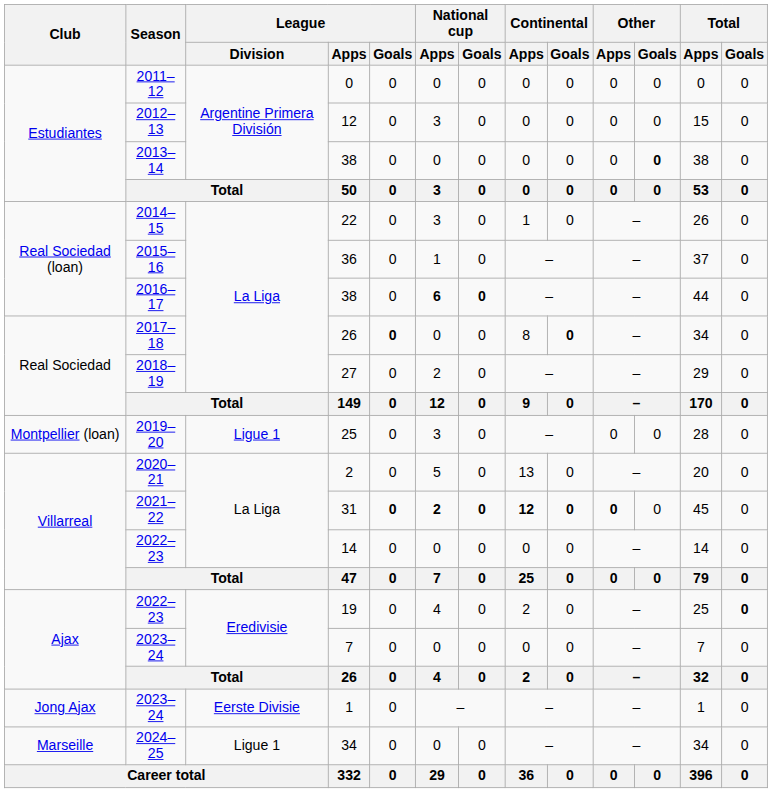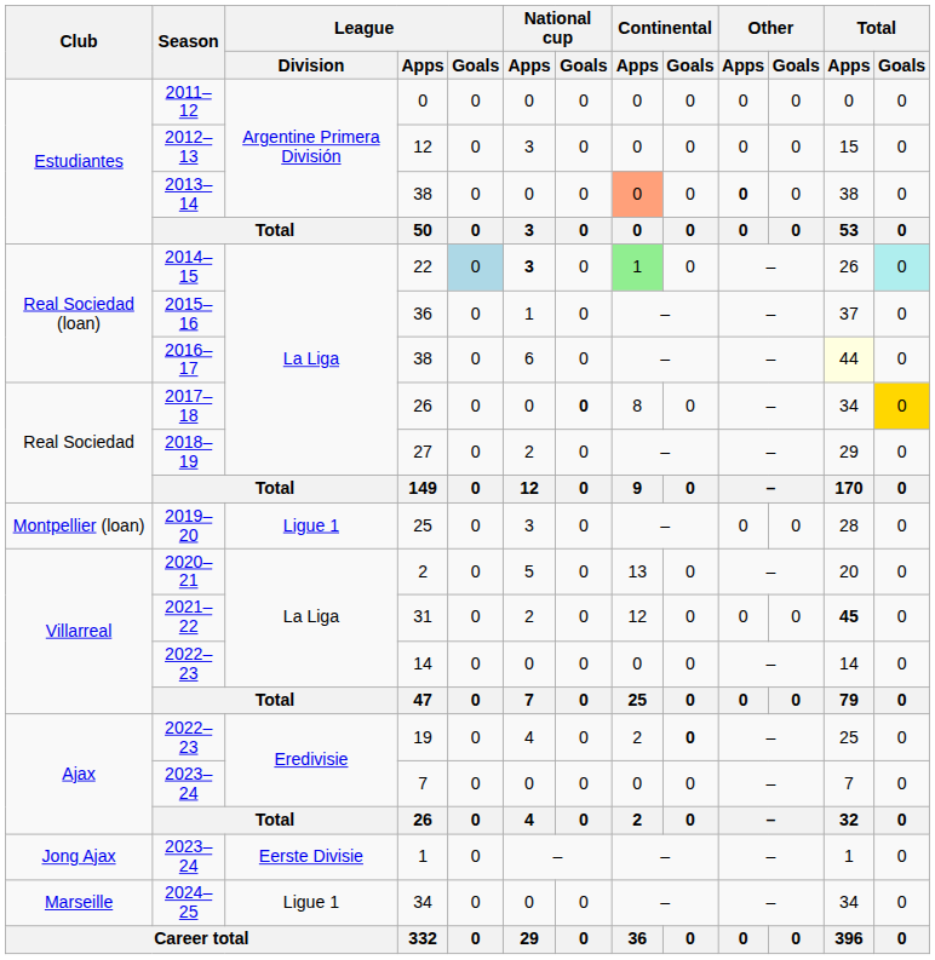 <table class="wikitable" style="text-align:center">
 <tr>
 <th rowspan="2">Club</th>
 <th rowspan="2">Season</th>
 <th colspan="3">League</th>
 <th colspan="2">National cup</th>
 <th colspan="2">Continental</th>
 <th colspan="2">Other</th>
 <th colspan="2">Total</th>
 </tr>
 <tr>
 <th>Division</th>
 <th>Apps</th>
 <th>Goals</th>
 <th>Apps</th>
 <th>Goals</th>
 <th>Apps</th>
 <th>Goals</th>
 <th>Apps</th>
 <th>Goals</th>
 <th>Apps</th>
 <th>Goals</th>
 </tr>
 <tr>
 <td rowspan="4"><a href='#'>Estudiantes</a></td>
 <td><a href='#'>2011–12</a></td>
 <td rowspan="3"><a href='#'>Argentine Primera División</a></td>
 <td>0</td>
 <td>0</td>
 <td>0</td>
 <td>0</td>
 <td>0</td>
 <td>0</td>
 <td>0</td>
 <td>0</td>
 <td>0</td>
 <td>0</td>
 </tr>
 <tr>
 <td><a href='#'>2012–13</a></td>
 <td>12</td>
 <td>0</td>
 <td>3</td>
 <td>0</td>
 <td>0</td>
 <td>0</td>
 <td>0</td>
 <td>0</td>
 <td>15</td>
 <td>0</td>
 </tr>
 <tr>
 <td><a href='#'>2013–14</a></td>
 <td>38</td>
 <td>0</td>
 <td>0</td>
 <td>0</td>
-<td>0</td>
-<td>0</td>
+<td style="background: lightsalmon;">0</td>
 <td>0</td>
 <td><strong>0</strong></td>
+<td>0</td>
 <td>38</td>
 <td>0</td>
 </tr>
 <tr>
 <th colspan="2">Total</th>
 <th>50</th>
 <th>0</th>
 <th>3</th>
 <th>0</th>
 <th>0</th>
 <th>0</th>
 <th>0</th>
 <th>0</th>
 <th>53</th>
 <th>0</th>
 </tr>
 <tr>
 <td rowspan="3"><a href='#'>Real Sociedad</a> (loan)</td>
 <td><a href='#'>2014–15</a></td>
 <td rowspan="5"><a href='#'>La Liga</a></td>
 <td>22</td>
+<td style="background: lightblue;">0</td>
+<td><strong>3</strong></td>
 <td>0</td>
-<td>3</td>
-<td>0</td>
-<td>1</td>
+<td style="background: lightgreen;">1</td>
 <td>0</td>
 <td colspan="2">–</td>
 <td>26</td>
-<td>0</td>
+<td style="background: paleturquoise;">0</td>
 </tr>
 <tr>
 <td><a href='#'>2015–16</a></td>
 <td>36</td>
 <td>0</td>
 <td>1</td>
 <td>0</td>
 <td colspan="2">–</td>
 <td colspan="2">–</td>
 <td>37</td>
 <td>0</td>
 </tr>
 <tr>
 <td><a href='#'>2016–17</a></td>
 <td>38</td>
 <td>0</td>
-<td><strong>6</strong></td>
-<td><strong>0</strong></td>
+<td>6</td>
+<td>0</td>
 <td colspan="2">–</td>
 <td colspan="2">–</td>
-<td>44</td>
+<td style="background: lightyellow;">44</td>
 <td>0</td>
 </tr>
 <tr>
 <td rowspan="3">Real Sociedad</td>
 <td><a href='#'>2017–18</a></td>
 <td>26</td>
-<td><strong>0</strong></td>
 <td>0</td>
 <td>0</td>
+<td><strong>0</strong></td>
 <td>8</td>
-<td><strong>0</strong></td>
+<td>0</td>
 <td colspan="2">–</td>
 <td>34</td>
-<td>0</td>
+<td style="background: gold;">0</td>
 </tr>
 <tr>
 <td><a href='#'>2018–19</a></td>
 <td>27</td>
 <td>0</td>
 <td>2</td>
 <td>0</td>
 <td colspan="2">–</td>
 <td colspan="2">–</td>
 <td>29</td>
 <td>0</td>
 </tr>
 <tr>
 <th colspan="2">Total</th>
 <th>149</th>
 <th>0</th>
 <th>12</th>
 <th>0</th>
 <th>9</th>
 <th>0</th>
 <th colspan="2">–</th>
 <th>170</th>
 <th>0</th>
 </tr>
 <tr>
 <td><a href='#'>Montpellier</a> (loan)</td>
 <td><a href='#'>2019–20</a></td>
 <td><a href='#'>Ligue 1</a></td>
 <td>25</td>
 <td>0</td>
 <td>3</td>
 <td>0</td>
 <td colspan="2">–</td>
 <td>0</td>
 <td>0</td>
 <td>28</td>
 <td>0</td>
 </tr>
 <tr>
 <td rowspan="4"><a href='#'>Villarreal</a></td>
 <td><a href='#'>2020–21</a></td>
 <td rowspan="3">La Liga</td>
 <td>2</td>
 <td>0</td>
 <td>5</td>
 <td>0</td>
 <td>13</td>
 <td>0</td>
 <td colspan="2">–</td>
 <td>20</td>
 <td>0</td>
 </tr>
 <tr>
 <td><a href='#'>2021–22</a></td>
 <td>31</td>
-<td><strong>0</strong></td>
-<td><strong>2</strong></td>
-<td><strong>0</strong></td>
-<td><strong>12</strong></td>
-<td><strong>0</strong></td>
-<td><strong>0</strong></td>
 <td>0</td>
-<td>45</td>
+<td>2</td>
+<td>0</td>
+<td>12</td>
+<td>0</td>
+<td>0</td>
+<td>0</td>
+<td><strong>45</strong></td>
 <td>0</td>
 </tr>
 <tr>
 <td><a href='#'>2022–23</a></td>
 <td>14</td>
 <td>0</td>
 <td>0</td>
 <td>0</td>
 <td>0</td>
 <td>0</td>
 <td colspan="2">–</td>
 <td>14</td>
 <td>0</td>
 </tr>
 <tr>
 <th colspan="2">Total</th>
 <th>47</th>
 <th>0</th>
 <th>7</th>
 <th>0</th>
 <th>25</th>
 <th>0</th>
 <th>0</th>
 <th>0</th>
 <th>79</th>
 <th>0</th>
 </tr>
 <tr>
 <td rowspan="3"><a href='#'>Ajax</a></td>
 <td><a href='#'>2022–23</a></td>
 <td rowspan="2"><a href='#'>Eredivisie</a></td>
 <td>19</td>
 <td>0</td>
 <td>4</td>
 <td>0</td>
 <td>2</td>
-<td>0</td>
+<td><strong>0</strong></td>
 <td colspan="2">–</td>
 <td>25</td>
-<td><strong>0</strong></td>
+<td>0</td>
 </tr>
 <tr>
 <td><a href='#'>2023–24</a></td>
 <td>7</td>
 <td>0</td>
 <td>0</td>
 <td>0</td>
 <td>0</td>
 <td>0</td>
 <td colspan="2">–</td>
 <td>7</td>
 <td>0</td>
 </tr>
 <tr>
 <th colspan="2">Total</th>
 <th>26</th>
 <th>0</th>
 <th>4</th>
 <th>0</th>
 <th>2</th>
 <th>0</th>
 <th colspan="2">–</th>
 <th>32</th>
 <th>0</th>
 </tr>
 <tr>
 <td><a href='#'>Jong Ajax</a></td>
 <td><a href='#'>2023–24</a></td>
 <td><a href='#'>Eerste Divisie</a></td>
 <td>1</td>
 <td>0</td>
 <td colspan="2">–</td>
 <td colspan="2">–</td>
 <td colspan="2">–</td>
 <td>1</td>
 <td>0</td>
 </tr>
 <tr>
 <td><a href='#'>Marseille</a></td>
 <td><a href='#'>2024–25</a></td>
 <td>Ligue 1</td>
 <td>34</td>
 <td>0</td>
 <td>0</td>
 <td>0</td>
 <td colspan="2">–</td>
 <td colspan="2">–</td>
 <td>34</td>
 <td>0</td>
 </tr>
 <tr>
 <th colspan="3">Career total</th>
 <th>332</th>
 <th>0</th>
 <th>29</th>
 <th>0</th>
 <th>36</th>
 <th>0</th>
 <th>0</th>
 <th>0</th>
 <th>396</th>
 <th>0</th>
 </tr>
 </table>
